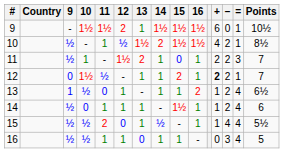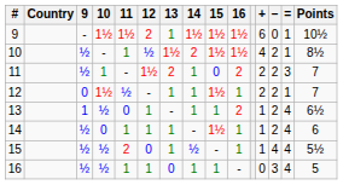 <table class="wikitable" style="text-align:center">
 <tr>
 <th>#</th>
 <th>Country</th>
 <th>9</th>
 <th>10</th>
 <th>11</th>
 <th>12</th>
 <th>13</th>
 <th>14</th>
 <th>15</th>
 <th>16</th>
 <th></th>
 <th>+</th>
 <th>−</th>
 <th>=</th>
 <th>Points</th>
 </tr>
 <tr>
 <td>9</td>
 <td style="text-align: left"></td>
 <td>-</td>
 <td style="color:red;">1½</td>
 <td style="color:red;">1½</td>
 <td style="color:red;">2</td>
 <td style="color:green;">1</td>
 <td style="color:red;">1½</td>
 <td style="color:red;">1½</td>
 <td style="color:red;">1½</td>
 <th></th>
 <td>6</td>
 <td>0</td>
 <td>1</td>
 <td>10½</td>
 </tr>
 <tr>
 <td>10</td>
 <td style="text-align: left"></td>
 <td style="color:blue;">½</td>
 <td>-</td>
 <td style="color:green;">1</td>
 <td style="color:blue;">½</td>
 <td style="color:red;">1½</td>
 <td style="color:red;">2</td>
 <td style="color:red;">1½</td>
 <td style="color:red;">1½</td>
 <th></th>
 <td>4</td>
 <td>2</td>
 <td>1</td>
 <td>8½</td>
 </tr>
 <tr>
 <td>11</td>
 <td style="text-align: left"></td>
 <td style="color:blue;">½</td>
 <td style="color:green;">1</td>
 <td>-</td>
 <td style="color:red;">1½</td>
 <td style="color:red;">2</td>
 <td style="color:green;">1</td>
 <td style="color:blue;">0</td>
-<td style="color:green;">1</td>
+<td style="color:red;">2</td>
 <th></th>
 <td>2</td>
 <td>2</td>
 <td>3</td>
 <td>7</td>
 </tr>
 <tr>
 <td>12</td>
 <td style="text-align: left"></td>
 <td style="color:blue;">0</td>
 <td style="color:red;">1½</td>
 <td style="color:blue;">½</td>
 <td>-</td>
 <td style="color:green;">1</td>
 <td style="color:green;">1</td>
-<td style="color:red;">2</td>
+<td style="color:red;">1½</td>
 <td style="color:green;">1</td>
 <th></th>
-<td><strong>2</strong></td>
+<td>2</td>
 <td>2</td>
 <td>1</td>
 <td>7</td>
 </tr>
 <tr>
 <td>13</td>
 <td style="text-align: left"></td>
 <td style="color:blue;">1</td>
 <td style="color:blue;">½</td>
 <td style="color:blue;">0</td>
 <td style="color:green;">1</td>
 <td>-</td>
 <td style="color:green;">1</td>
 <td style="color:green;">1</td>
 <td style="color:red;">2</td>
 <th></th>
 <td>1</td>
 <td>2</td>
 <td>4</td>
 <td>6½</td>
 </tr>
 <tr>
 <td>14</td>
 <td style="text-align: left"></td>
 <td style="color:blue;">½</td>
 <td style="color:blue;">0</td>
 <td style="color:green;">1</td>
 <td style="color:green;">1</td>
 <td style="color:green;">1</td>
 <td>-</td>
 <td style="color:red;">1½</td>
 <td style="color:green;">1</td>
 <th></th>
 <td>1</td>
 <td>2</td>
 <td>4</td>
 <td>6</td>
 </tr>
 <tr>
 <td>15</td>
 <td style="text-align: left"></td>
 <td style="color:blue;">½</td>
 <td style="color:blue;">½</td>
 <td style="color:red;">2</td>
 <td style="color:blue;">0</td>
 <td style="color:green;">1</td>
 <td style="color:blue;">½</td>
 <td>-</td>
 <td style="color:green;">1</td>
 <th></th>
 <td>1</td>
 <td>4</td>
 <td>4</td>
 <td>5½</td>
 </tr>
 <tr>
 <td>16</td>
 <td style="text-align: left"></td>
 <td style="color:blue;">½</td>
 <td style="color:blue;">½</td>
 <td style="color:green;">1</td>
 <td style="color:green;">1</td>
 <td style="color:blue;">0</td>
 <td style="color:green;">1</td>
 <td style="color:green;">1</td>
 <td>-</td>
 <th></th>
 <td>0</td>
 <td>3</td>
 <td>4</td>
 <td>5</td>
 </tr>
 </table>
